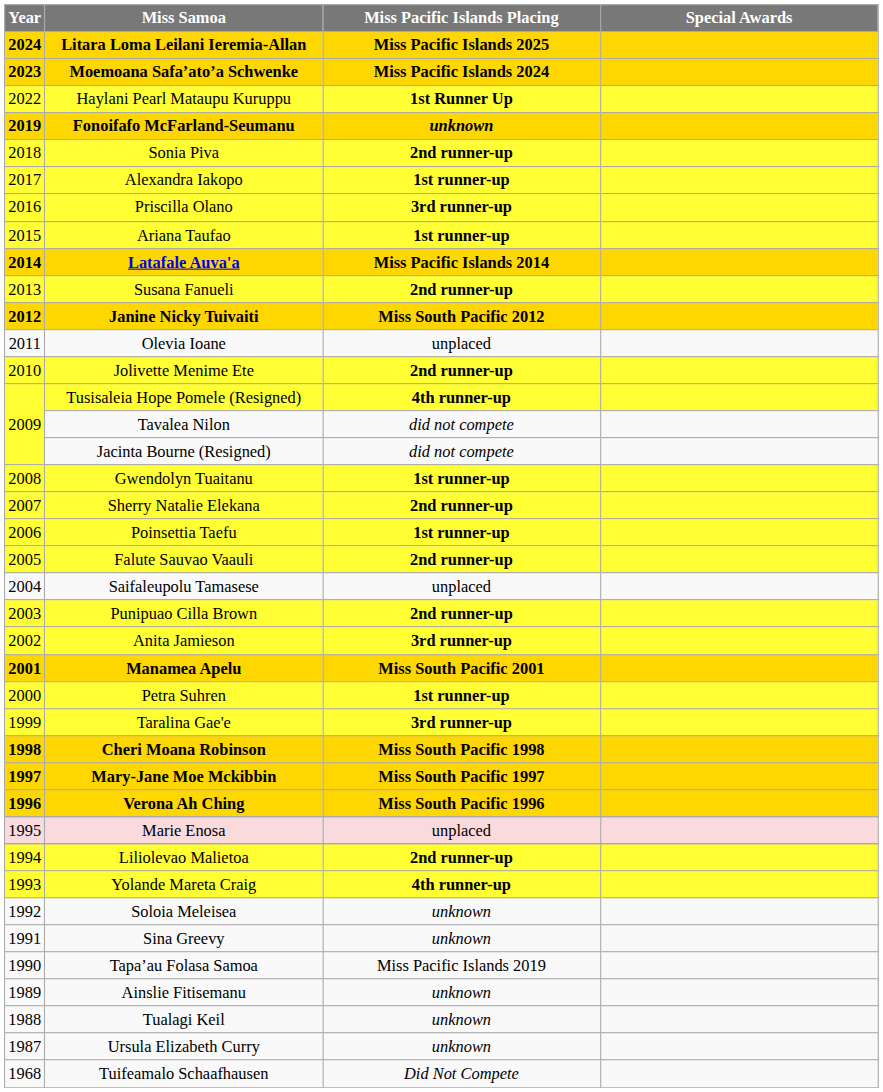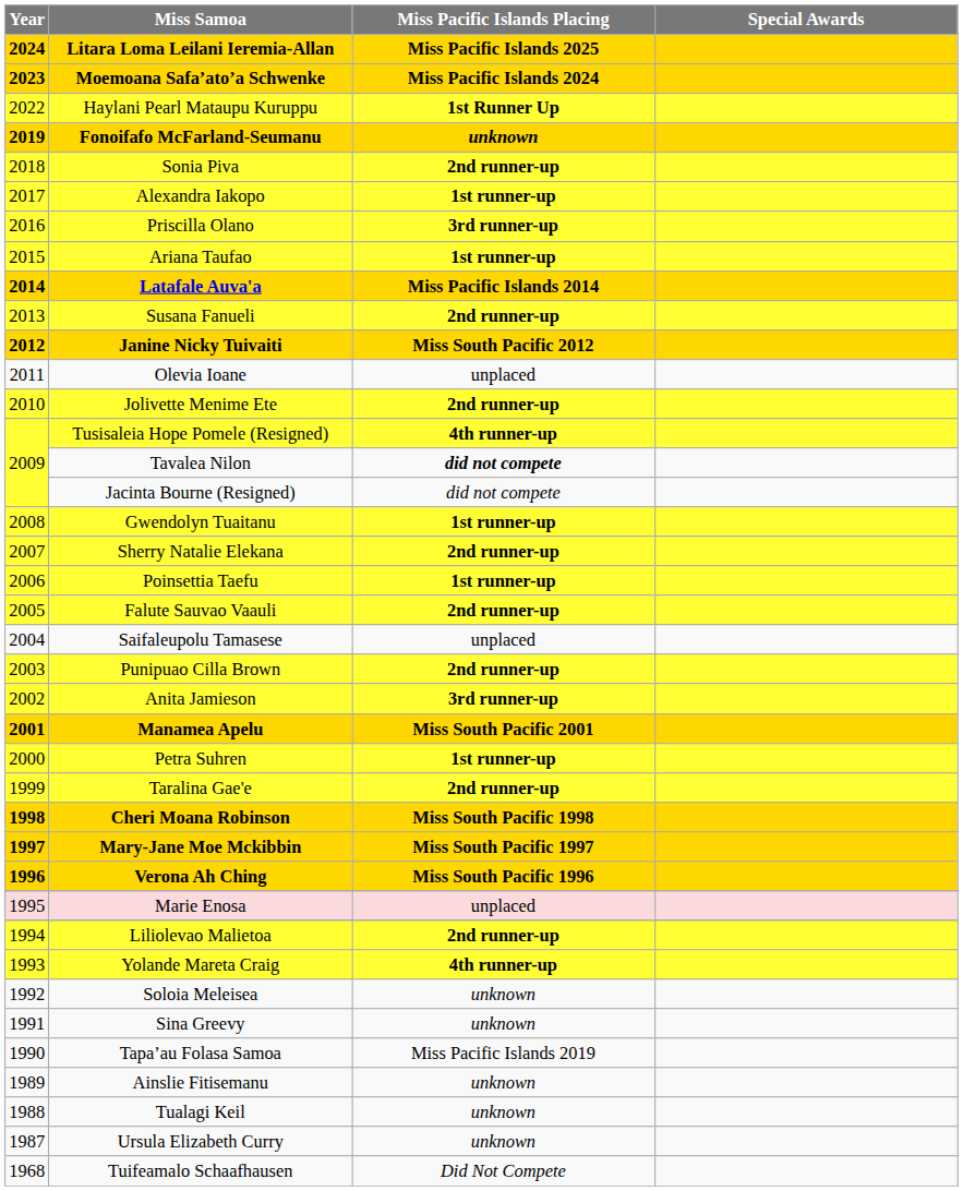 <table class="wikitable sortable" style="font-size: 95%; text-align:center">
 <tr>
 <th width="30" style="background-color:#787878;color:#FFFFFF;">Year</th>
 <th width="250" style="background-color:#787878;color:#FFFFFF;">Miss Samoa</th>
 <th width="250" style="background-color:#787878;color:#FFFFFF;">Miss Pacific Islands Placing</th>
 <th width="250" style="background-color:#787878;color:#FFFFFF;">Special Awards</th>
 </tr>
 <tr style="background-color:gold; font-weight: bold">
 <td>2024</td>
 <td>Litara Loma Leilani Ieremia-Allan</td>
 <td><strong>Miss Pacific Islands 2025</strong></td>
 <td style="background:;"></td>
 </tr>
 <tr style="background-color:gold; font-weight: bold">
 <td>2023</td>
 <td>Moemoana Safa’ato’a Schwenke</td>
 <td><strong>Miss Pacific Islands 2024</strong></td>
 <td style="background:;"></td>
 </tr>
 <tr style="background-color:#FFFF33; : bold">
 <td>2022</td>
 <td>Haylani Pearl Mataupu Kuruppu</td>
 <td><strong>1st Runner Up</strong></td>
 <td style="background:;"></td>
 </tr>
 <tr style="background-color:gold; font-weight: bold">
 <td>2019</td>
 <td>Fonoifafo McFarland-Seumanu</td>
 <td><em>unknown</em></td>
 <td style="background:;"></td>
 </tr>
 <tr style="background-color:#FFFF33; : bold">
 <td>2018</td>
 <td>Sonia Piva</td>
 <td><strong>2nd runner-up</strong></td>
 <td style="background:;"></td>
 </tr>
 <tr style="background-color:#FFFF33; : bold">
 <td>2017</td>
 <td>Alexandra Iakopo</td>
 <td><strong>1st runner-up</strong></td>
 <td style="background:;"></td>
 </tr>
 <tr style="background-color:#FFFF33; : bold">
 <td>2016</td>
 <td>Priscilla Olano</td>
 <td><strong>3rd runner-up</strong></td>
 <td style="background:;"></td>
 </tr>
 <tr style="background-color:#FFFF33; : bold">
 <td>2015</td>
 <td>Ariana Taufao</td>
 <td><strong>1st runner-up</strong></td>
 <td style="background:;"></td>
 </tr>
 <tr style="background-color:gold; font-weight: bold">
 <td>2014</td>
 <td><a href='#'>Latafale Auva'a</a></td>
 <td>Miss Pacific Islands 2014</td>
 <td style="background:;"></td>
 </tr>
 <tr style="background-color:#FFFF33; : bold">
 <td>2013</td>
 <td>Susana Fanueli</td>
 <td><strong>2nd runner-up</strong></td>
 <td style="background:;"></td>
 </tr>
 <tr style="background-color:gold; font-weight: bold">
 <td>2012</td>
 <td>Janine Nicky Tuivaiti</td>
 <td>Miss South Pacific 2012</td>
 <td style="background:;"></td>
 </tr>
 <tr>
 <td>2011</td>
 <td>Olevia Ioane</td>
 <td>unplaced</td>
 <td></td>
 </tr>
 <tr style="background-color:#FFFF33; : bold">
 <td>2010</td>
 <td>Jolivette Menime Ete</td>
 <td><strong>2nd runner-up</strong></td>
 <td style="background:;"></td>
 </tr>
 <tr style="background-color:#FFFF33; : bold">
 <td rowspan="3">2009</td>
 <td>Tusisaleia Hope Pomele (Resigned)</td>
 <td><strong>4th runner-up</strong></td>
 <td></td>
 </tr>
 <tr>
 <td>Tavalea Nilon</td>
-<td><em>did not compete</em></td>
+<td><strong><em>did not compete</em></strong></td>
 <td></td>
 </tr>
 <tr>
 <td>Jacinta Bourne (Resigned)</td>
 <td><em>did not compete </em></td>
 <td></td>
 </tr>
 <tr style="background-color:#FFFF33; : bold">
 <td>2008</td>
 <td>Gwendolyn Tuaitanu</td>
 <td><strong>1st runner-up</strong></td>
 <td style="background:;"></td>
 </tr>
 <tr style="background-color:#FFFF33; : bold">
 <td>2007</td>
 <td>Sherry Natalie Elekana</td>
 <td><strong>2nd runner-up</strong></td>
 <td style="background:;"></td>
 </tr>
 <tr style="background-color:#FFFF33; : bold">
 <td>2006</td>
 <td>Poinsettia Taefu</td>
 <td><strong>1st runner-up</strong></td>
 <td style="background:;"></td>
 </tr>
 <tr style="background-color:#FFFF33; : bold">
 <td>2005</td>
 <td>Falute Sauvao Vaauli</td>
 <td><strong>2nd runner-up</strong></td>
 <td style="background:;"></td>
 </tr>
 <tr>
 <td>2004</td>
 <td>Saifaleupolu Tamasese</td>
 <td>unplaced</td>
 <td></td>
 </tr>
 <tr style="background-color:#FFFF33; : bold">
 <td>2003</td>
 <td>Punipuao Cilla Brown</td>
 <td><strong>2nd runner-up</strong></td>
 <td></td>
 </tr>
 <tr style="background-color:#FFFF33; : bold">
 <td>2002</td>
 <td>Anita Jamieson</td>
 <td><strong>3rd runner-up</strong></td>
 <td style="background:;"></td>
 </tr>
 <tr style="background-color:gold; font-weight: bold">
 <td>2001</td>
 <td>Manamea Apelu</td>
 <td>Miss South Pacific 2001</td>
 <td style="background:;"></td>
 </tr>
 <tr style="background-color:#FFFF33; : bold">
 <td>2000</td>
 <td>Petra Suhren</td>
 <td><strong>1st runner-up</strong></td>
 <td style="background:;"></td>
 </tr>
 <tr style="background-color:#FFFF33; : bold">
 <td>1999</td>
 <td>Taralina Gae'e</td>
-<td><strong>3rd runner-up</strong></td>
+<td><strong>2nd runner-up</strong></td>
 <td style="background:;"></td>
 </tr>
 <tr style="background-color:gold; font-weight: bold">
 <td>1998</td>
 <td>Cheri Moana Robinson</td>
 <td>Miss South Pacific 1998</td>
 <td style="background:;"></td>
 </tr>
 <tr style="background-color:gold; font-weight: bold">
 <td>1997</td>
 <td>Mary-Jane Moe Mckibbin</td>
 <td>Miss South Pacific 1997</td>
 <td></td>
 </tr>
 <tr style="background-color:gold; font-weight: bold">
 <td>1996</td>
 <td>Verona Ah Ching</td>
 <td>Miss South Pacific 1996</td>
 <td style="background:;"></td>
 </tr>
 <tr>
 </tr>
 <tr style="background-color:#FADADD; : bold">
 <td>1995</td>
 <td>Marie Enosa</td>
 <td>unplaced</td>
 <td style="background:;"></td>
 </tr>
 <tr>
 </tr>
 <tr style="background-color:#FFFF33; : bold">
 <td>1994</td>
 <td>Liliolevao Malietoa</td>
 <td><strong>2nd runner-up</strong></td>
 <td></td>
 </tr>
 <tr style="background-color:#FFFF33; : bold">
 <td>1993</td>
 <td>Yolande Mareta Craig</td>
 <td><strong>4th runner-up</strong></td>
 <td></td>
 </tr>
 <tr>
 <td>1992</td>
 <td>Soloia Meleisea</td>
 <td><em>unknown</em></td>
 <td></td>
 </tr>
 <tr>
 <td>1991</td>
 <td>Sina Greevy</td>
 <td><em>unknown</em></td>
 <td></td>
 </tr>
 <tr>
 <td>1990</td>
 <td>Tapa’au Folasa Samoa</td>
 <td>Miss Pacific Islands 2019</td>
 <td></td>
 </tr>
 <tr>
 <td>1989</td>
 <td>Ainslie Fitisemanu</td>
 <td><em>unknown</em></td>
 <td></td>
 </tr>
 <tr>
 <td>1988</td>
 <td>Tualagi Keil</td>
 <td><em>unknown</em></td>
 <td></td>
 </tr>
 <tr>
 <td>1987</td>
 <td>Ursula Elizabeth Curry</td>
 <td><em>unknown</em></td>
 <td></td>
 </tr>
 <tr>
 <td>1968</td>
 <td>Tuifeamalo Schaafhausen</td>
 <td><em>Did Not Compete</em></td>
 <td></td>
 </tr>
 </table>
